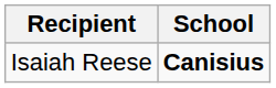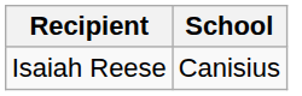 <table class="wikitable" border="1">
 <tr>
 <th>Recipient</th>
 <th>School</th>
 </tr>
 <tr>
 <td>Isaiah Reese</td>
-<td><strong>Canisius</strong></td>
+<td>Canisius</td>
 </tr>
 </table>
